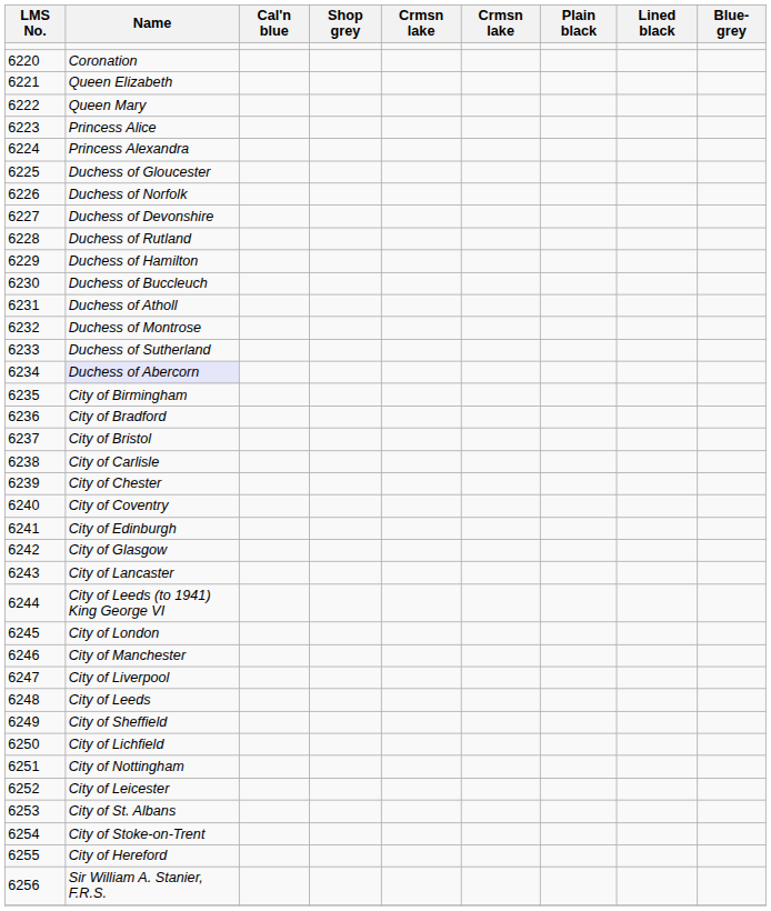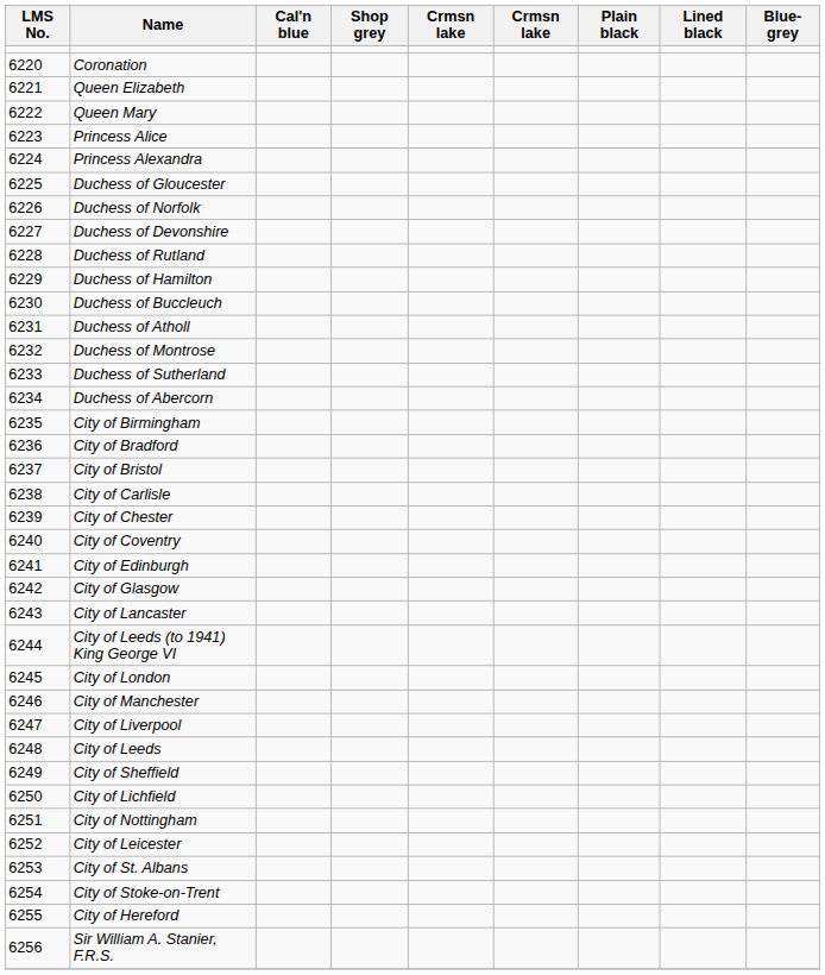 <table class="wikitable sortable collapsible collapsed">
 <tr>
 <th>LMS No.</th>
 <th>Name</th>
 <th>Cal'n blue</th>
 <th>Shop grey</th>
 <th>Crmsn lake</th>
 <th>Crmsn lake</th>
 <th>Plain black</th>
 <th>Lined black</th>
 <th>Blue-grey</th>
 </tr>
 <tr>
 <td></td>
 <td></td>
 <td></td>
 <td></td>
 <td></td>
 <td></td>
 <td></td>
 <td></td>
 <td></td>
 </tr>
 <tr>
 <td>6220</td>
 <td><em>Coronation</em></td>
 <td></td>
 <td></td>
 <td></td>
 <td></td>
 <td></td>
 <td></td>
 <td></td>
 </tr>
 <tr>
 <td>6221</td>
 <td><em>Queen Elizabeth</em></td>
 <td></td>
 <td></td>
 <td></td>
 <td></td>
 <td></td>
 <td></td>
 <td></td>
 </tr>
 <tr>
 <td>6222</td>
 <td><em>Queen Mary</em></td>
 <td></td>
 <td></td>
 <td></td>
 <td></td>
 <td></td>
 <td></td>
 <td></td>
 </tr>
 <tr>
 <td>6223</td>
 <td><em>Princess Alice</em></td>
 <td></td>
 <td></td>
 <td></td>
 <td></td>
 <td></td>
 <td></td>
 <td></td>
 </tr>
 <tr>
 <td>6224</td>
 <td><em>Princess Alexandra</em></td>
 <td></td>
 <td></td>
 <td></td>
 <td></td>
 <td></td>
 <td></td>
 <td></td>
 </tr>
 <tr>
 <td>6225</td>
 <td><em>Duchess of Gloucester</em></td>
 <td></td>
 <td></td>
 <td></td>
 <td></td>
 <td></td>
 <td></td>
 <td></td>
 </tr>
 <tr>
 <td>6226</td>
 <td><em>Duchess of Norfolk</em></td>
 <td></td>
 <td></td>
 <td></td>
 <td></td>
 <td></td>
 <td></td>
 <td></td>
 </tr>
 <tr>
 <td>6227</td>
 <td><em>Duchess of Devonshire</em></td>
 <td></td>
 <td></td>
 <td></td>
 <td></td>
 <td></td>
 <td></td>
 <td></td>
 </tr>
 <tr>
 <td>6228</td>
 <td><em>Duchess of Rutland</em></td>
 <td></td>
 <td></td>
 <td></td>
 <td></td>
 <td></td>
 <td></td>
 <td></td>
 </tr>
 <tr>
 <td>6229</td>
 <td><em>Duchess of Hamilton</em></td>
 <td></td>
 <td></td>
 <td></td>
 <td></td>
 <td></td>
 <td></td>
 <td></td>
 </tr>
 <tr>
 <td>6230</td>
 <td><em>Duchess of Buccleuch</em></td>
 <td></td>
 <td></td>
 <td></td>
 <td></td>
 <td></td>
 <td></td>
 <td></td>
 </tr>
 <tr>
 <td>6231</td>
 <td><em>Duchess of Atholl</em></td>
 <td></td>
 <td></td>
 <td></td>
 <td></td>
 <td></td>
 <td></td>
 <td></td>
 </tr>
 <tr>
 <td>6232</td>
 <td><em>Duchess of Montrose</em></td>
 <td></td>
 <td></td>
 <td></td>
 <td></td>
 <td></td>
 <td></td>
 <td></td>
 </tr>
 <tr>
 <td>6233</td>
 <td><em>Duchess of Sutherland</em></td>
 <td></td>
 <td></td>
 <td></td>
 <td></td>
 <td></td>
 <td></td>
 <td></td>
 </tr>
 <tr>
 <td>6234</td>
-<td style="background: lavender;"><em>Duchess of Abercorn</em></td>
+<td><em>Duchess of Abercorn</em></td>
 <td></td>
 <td></td>
 <td></td>
 <td></td>
 <td></td>
 <td></td>
 <td></td>
 </tr>
 <tr>
 <td>6235</td>
 <td><em>City of Birmingham</em></td>
 <td></td>
 <td></td>
 <td></td>
 <td></td>
 <td></td>
 <td></td>
 <td></td>
 </tr>
 <tr>
 <td>6236</td>
 <td><em>City of Bradford</em></td>
 <td></td>
 <td></td>
 <td></td>
 <td></td>
 <td></td>
 <td></td>
 <td></td>
 </tr>
 <tr>
 <td>6237</td>
 <td><em>City of Bristol</em></td>
 <td></td>
 <td></td>
 <td></td>
 <td></td>
 <td></td>
 <td></td>
 <td></td>
 </tr>
 <tr>
 <td>6238</td>
 <td><em>City of Carlisle</em></td>
 <td></td>
 <td></td>
 <td></td>
 <td></td>
 <td></td>
 <td></td>
 <td></td>
 </tr>
 <tr>
 <td>6239</td>
 <td><em>City of Chester</em></td>
 <td></td>
 <td></td>
 <td></td>
 <td></td>
 <td></td>
 <td></td>
 <td></td>
 </tr>
 <tr>
 <td>6240</td>
 <td><em>City of Coventry</em></td>
 <td></td>
 <td></td>
 <td></td>
 <td></td>
 <td></td>
 <td></td>
 <td></td>
 </tr>
 <tr>
 <td>6241</td>
 <td><em>City of Edinburgh</em></td>
 <td></td>
 <td></td>
 <td></td>
 <td></td>
 <td></td>
 <td></td>
 <td></td>
 </tr>
 <tr>
 <td>6242</td>
 <td><em>City of Glasgow</em></td>
 <td></td>
 <td></td>
 <td></td>
 <td></td>
 <td></td>
 <td></td>
 <td></td>
 </tr>
 <tr>
 <td>6243</td>
 <td><em>City of Lancaster</em></td>
 <td></td>
 <td></td>
 <td></td>
 <td></td>
 <td></td>
 <td></td>
 <td></td>
 </tr>
 <tr>
 <td>6244</td>
 <td><em>City of Leeds (to 1941)</em> <br> <em>King George VI</em></td>
 <td></td>
 <td></td>
 <td></td>
 <td></td>
 <td></td>
 <td></td>
 <td></td>
 </tr>
 <tr>
 <td>6245</td>
 <td><em>City of London</em></td>
 <td></td>
 <td></td>
 <td></td>
 <td></td>
 <td></td>
 <td></td>
 <td></td>
 </tr>
 <tr>
 <td>6246</td>
 <td><em>City of Manchester</em></td>
 <td></td>
 <td></td>
 <td></td>
 <td></td>
 <td></td>
 <td></td>
 <td></td>
 </tr>
 <tr>
 <td>6247</td>
 <td><em>City of Liverpool</em></td>
 <td></td>
 <td></td>
 <td></td>
 <td></td>
 <td></td>
 <td></td>
 <td></td>
 </tr>
 <tr>
 <td>6248</td>
 <td><em>City of Leeds</em></td>
 <td></td>
 <td></td>
 <td></td>
 <td></td>
 <td></td>
 <td></td>
 <td></td>
 </tr>
 <tr>
 <td>6249</td>
 <td><em>City of Sheffield</em></td>
 <td></td>
 <td></td>
 <td></td>
 <td></td>
 <td></td>
 <td></td>
 <td></td>
 </tr>
 <tr>
 <td>6250</td>
 <td><em>City of Lichfield</em></td>
 <td></td>
 <td></td>
 <td></td>
 <td></td>
 <td></td>
 <td></td>
 <td></td>
 </tr>
 <tr>
 <td>6251</td>
 <td><em>City of Nottingham</em></td>
 <td></td>
 <td></td>
 <td></td>
 <td></td>
 <td></td>
 <td></td>
 <td></td>
 </tr>
 <tr>
 <td>6252</td>
 <td><em>City of Leicester</em></td>
 <td></td>
 <td></td>
 <td></td>
 <td></td>
 <td></td>
 <td></td>
 <td></td>
 </tr>
 <tr>
 <td>6253</td>
 <td><em>City of St. Albans</em></td>
 <td></td>
 <td></td>
 <td></td>
 <td></td>
 <td></td>
 <td></td>
 <td></td>
 </tr>
 <tr>
 <td>6254</td>
 <td><em>City of Stoke-on-Trent</em></td>
 <td></td>
 <td></td>
 <td></td>
 <td></td>
 <td></td>
 <td></td>
 <td></td>
 </tr>
 <tr>
 <td>6255</td>
 <td><em>City of Hereford</em></td>
 <td></td>
 <td></td>
 <td></td>
 <td></td>
 <td></td>
 <td></td>
 <td></td>
 </tr>
 <tr>
 <td>6256</td>
 <td><em>Sir William A. Stanier, F.R.S.</em></td>
 <td></td>
 <td></td>
 <td></td>
 <td></td>
 <td></td>
 <td></td>
 <td></td>
 </tr>
 <tr>
 </tr>
 </table>
